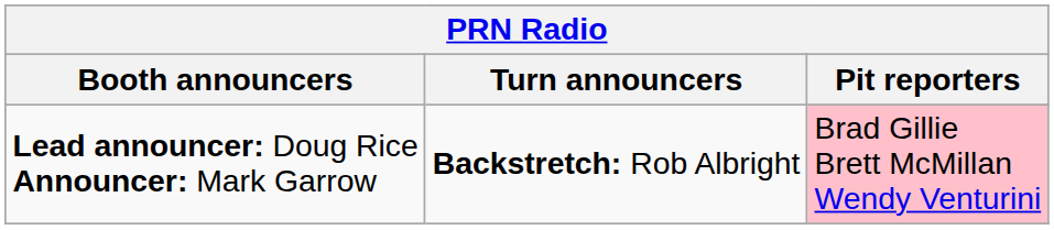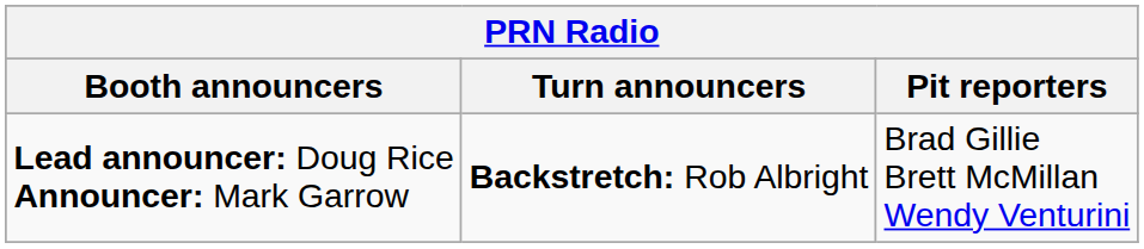 <table class="wikitable">
 <tr>
 <th colspan="3"><a href='#'>PRN Radio</a></th>
 </tr>
 <tr>
 <th>Booth announcers</th>
 <th>Turn announcers</th>
 <th>Pit reporters</th>
 </tr>
 <tr>
 <td><strong>Lead announcer:</strong> Doug Rice<br><strong>Announcer:</strong> Mark Garrow</td>
 <td><strong>Backstretch:</strong> Rob Albright</td>
-<td style="background: pink;">Brad Gillie<br>Brett McMillan<br><a href='#'>Wendy Venturini</a></td>
+<td>Brad Gillie<br>Brett McMillan<br><a href='#'>Wendy Venturini</a></td>
 </tr>
 </table>
